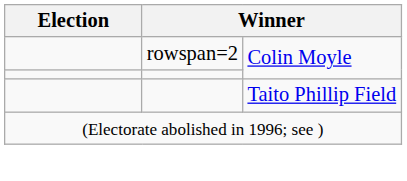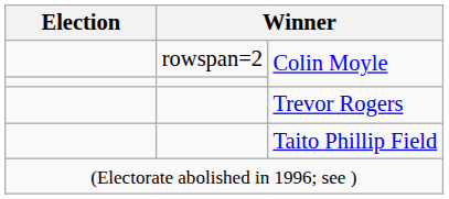 <table class=wikitable>
 <tr>
 <th width=100>Election</th>
 <th style="width:175px;" colspan="2">Winner</th>
 </tr>
 <tr>
 <td></td>
 <td>rowspan=2 </td>
 <td rowspan=2><a href='#'>Colin Moyle</a></td>
 </tr>
 <tr>
 <td></td>
 </tr>
 <tr>
 <td></td>
 <td></td>
+<td><a href='#'>Trevor Rogers</a></td>
+</tr>
+<tr>
+<td></td>
+<td></td>
 <td><a href='#'>Taito Phillip Field</a></td>
 </tr>
 <tr>
 <td colspan="3" style="text-align:center;"><small>(Electorate abolished in 1996; see )</small></td>
 </tr>
 </table>
